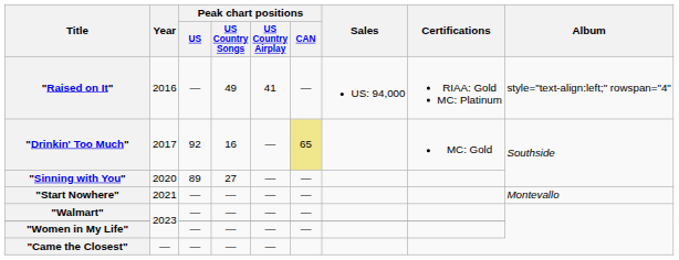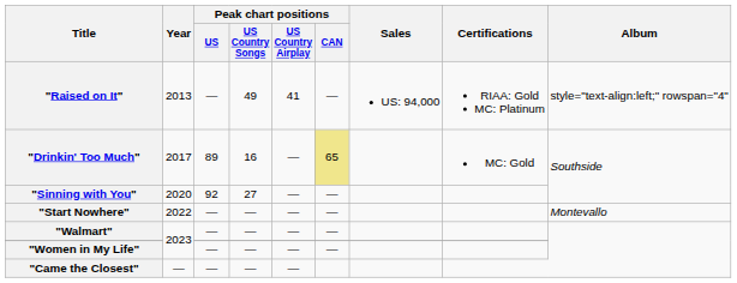 <table class="wikitable plainrowheaders" style="text-align:center;">
 <tr>
 <th scope="col" rowspan="2" style="width:13em;">Title</th>
 <th scope="col" rowspan="2" style="width:1em;">Year</th>
 <th colspan="4">Peak chart positions</th>
 <th scope="col" rowspan="2">Sales</th>
 <th scope="col" rowspan="2">Certifications</th>
 <th scope="col" rowspan="2">Album</th>
 </tr>
 <tr>
 <th scope="col" style="width:3em;font-size:85%;"><a href='#'>US</a><br></th>
 <th scope="col" style="width:3em;font-size:85%;"><a href='#'>US Country Songs</a><br></th>
 <th scope="col" style="width:3em;font-size:85%;"><a href='#'>US Country Airplay</a><br></th>
 <th scope="col" style="width:3em;font-size:85%;"><a href='#'>CAN</a><br></th>
 </tr>
 <tr>
 <th scope="row">"<a href='#'>Raised on It</a>"</th>
-<td>2016</td>
+<td>2013</td>
 <td>—</td>
 <td>49</td>
 <td>41</td>
 <td>—</td>
 <td><br><ul><li>US: 94,000</li></ul></td>
 <td><br><ul><li>RIAA: Gold</li><li>MC: Platinum</li></ul></td>
 <td>style="text-align:left;" rowspan="4" </td>
 </tr>
 <tr>
 <th scope="row">"<a href='#'>Drinkin' Too Much</a>"</th>
 <td>2017</td>
-<td>92</td>
+<td>89</td>
 <td>16</td>
 <td>—</td>
 <td style="background: khaki;">65</td>
 <td></td>
 <td><br><ul><li>MC: Gold</li></ul></td>
 <td rowspan="2" style="text-align:left;"><em>Southside</em></td>
 </tr>
 <tr>
 <th scope="row">"<a href='#'>Sinning with You</a>"</th>
 <td>2020</td>
-<td>89</td>
+<td>92</td>
 <td>27</td>
 <td>—</td>
 <td>—</td>
 <td></td>
 <td></td>
 </tr>
 <tr>
 <th scope="row">"Start Nowhere"</th>
-<td>2021</td>
+<td>2022</td>
 <td>—</td>
 <td>—</td>
 <td>—</td>
 <td>—</td>
 <td></td>
 <td></td>
 <td style="text-align:left;"><em>Montevallo</em></td>
 </tr>
 <tr>
 <th scope="row">"Walmart"</th>
 <td rowspan="3">2023</td>
 <td>—</td>
 <td>—</td>
 <td>—</td>
 <td>—</td>
 <td></td>
 <td></td>
 </tr>
 <tr>
 </tr>
 <tr>
 <th scope="row">"Women in My Life"</th>
 <td>—</td>
 <td>—</td>
 <td>—</td>
 <td>—</td>
 <td></td>
 <td></td>
 </tr>
 <tr>
 <th scope="row">"Came the Closest"</th>
 <td>—</td>
 <td>—</td>
 <td>—</td>
 <td>—</td>
 <td></td>
 <td></td>
 </tr>
 </table>
